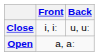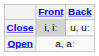 <table class="wikitable IPA" style="text-align: center;">
 <tr>
 <th></th>
 <th><a href='#'>Front</a></th>
 <th><a href='#'>Back</a></th>
 </tr>
 <tr>
 <th><a href='#'>Close</a></th>
-<td>i, iː</td>
+<td style="background: lightgrey;">i, iː</td>
 <td>u, uː</td>
 </tr>
 <tr>
 <th><a href='#'>Open</a></th>
 <td colspan="2">a, aː</td>
 </tr>
 </table>
